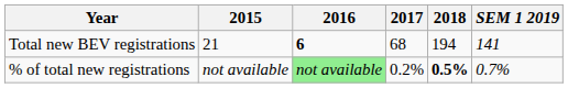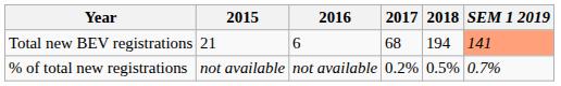 <table class="wikitable">
 <tr>
 <th>Year</th>
 <th>2015</th>
 <th>2016</th>
 <th>2017</th>
 <th>2018</th>
 <th><em>SEM 1 2019</em></th>
 </tr>
 <tr>
 <td>Total new BEV registrations</td>
 <td>21</td>
-<td><strong>6</strong></td>
+<td>6</td>
 <td>68</td>
 <td>194</td>
-<td><em>141</em></td>
+<td style="background: lightsalmon;"><em>141</em></td>
 </tr>
 <tr>
 <td>% of total new registrations</td>
 <td><em>not available</em></td>
-<td style="background: lightgreen;"><em>not available</em></td>
+<td><em>not available</em></td>
 <td>0.2%</td>
-<td><strong>0.5%</strong></td>
+<td>0.5%</td>
 <td><em>0.7%</em></td>
 </tr>
 </table>
